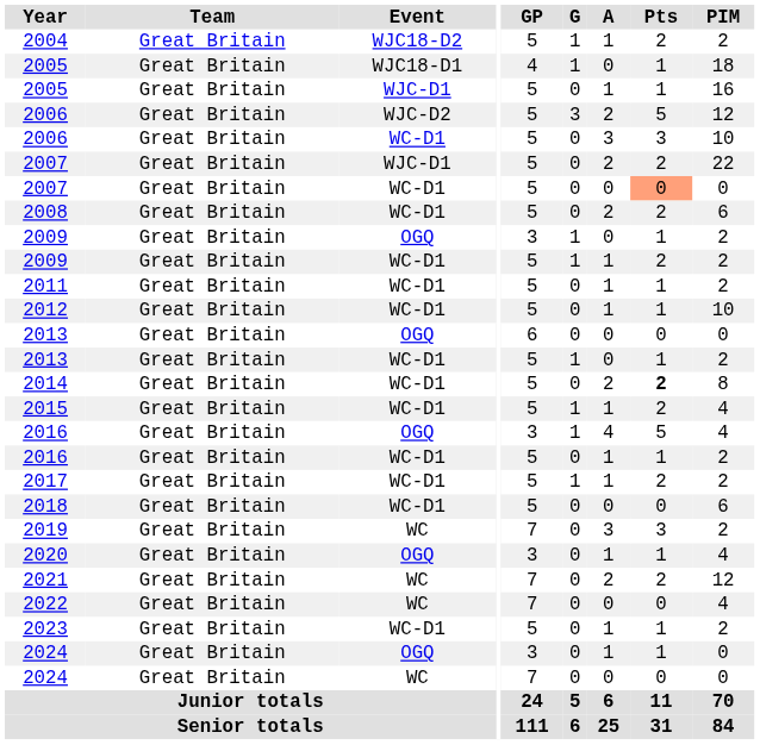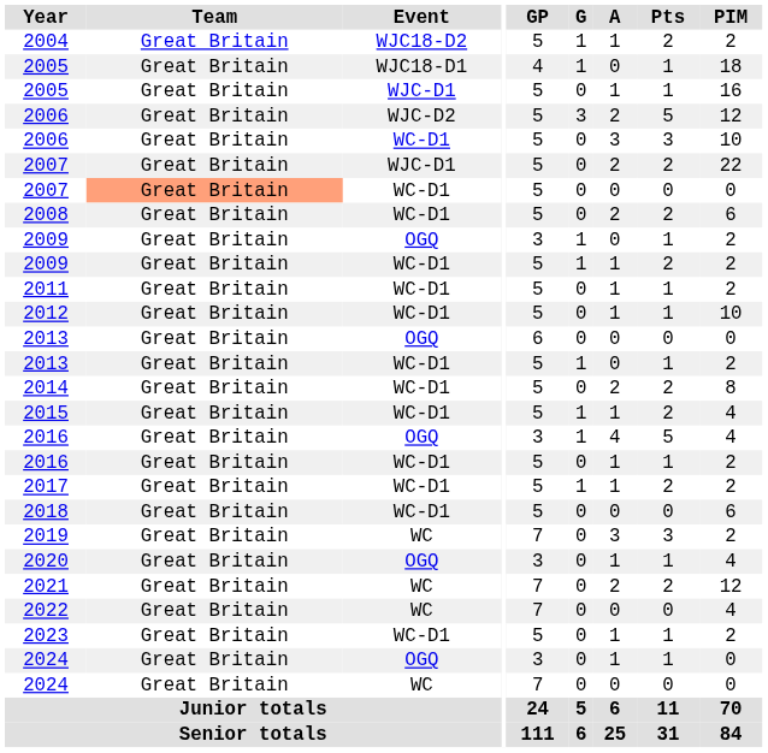 <table border="0" cellpadding="1" cellspacing="0" ID="Table3" style="text-align:center; width:40em">
 <tr ALIGN="center" style="background:#e0e0e0;">
 <th>Year</th>
 <th>Team</th>
 <th>Event</th>
 <th rowspan="99" style="background:#ffffff;"></th>
 <th>GP</th>
 <th>G</th>
 <th>A</th>
 <th>Pts</th>
 <th>PIM</th>
 </tr>
 <tr style="text-align:center;">
 <td><a href='#'>2004</a></td>
 <td><a href='#'>Great Britain</a></td>
 <td><a href='#'>WJC18-D2</a></td>
 <td>5</td>
 <td>1</td>
 <td>1</td>
 <td>2</td>
 <td>2</td>
 </tr>
 <tr style="text-align:center; background:#f0f0f0;">
 <td><a href='#'>2005</a></td>
 <td>Great Britain</td>
 <td>WJC18-D1</td>
 <td>4</td>
 <td>1</td>
 <td>0</td>
 <td>1</td>
 <td>18</td>
 </tr>
 <tr style="text-align:center;">
 <td><a href='#'>2005</a></td>
 <td>Great Britain</td>
 <td><a href='#'>WJC-D1</a></td>
 <td>5</td>
 <td>0</td>
 <td>1</td>
 <td>1</td>
 <td>16</td>
 </tr>
 <tr style="text-align:center; background:#f0f0f0;">
 <td><a href='#'>2006</a></td>
 <td>Great Britain</td>
 <td>WJC-D2</td>
 <td>5</td>
 <td>3</td>
 <td>2</td>
 <td>5</td>
 <td>12</td>
 </tr>
 <tr style="text-align:center;">
 <td><a href='#'>2006</a></td>
 <td>Great Britain</td>
 <td><a href='#'>WC-D1</a></td>
 <td>5</td>
 <td>0</td>
 <td>3</td>
 <td>3</td>
 <td>10</td>
 </tr>
 <tr style="text-align:center; background:#f0f0f0;">
 <td><a href='#'>2007</a></td>
 <td>Great Britain</td>
 <td>WJC-D1</td>
 <td>5</td>
 <td>0</td>
 <td>2</td>
 <td>2</td>
 <td>22</td>
 </tr>
 <tr style="text-align:center;">
 <td><a href='#'>2007</a></td>
-<td>Great Britain</td>
+<td style="background: lightsalmon;">Great Britain</td>
 <td>WC-D1</td>
 <td>5</td>
 <td>0</td>
 <td>0</td>
-<td style="background: lightsalmon;">0</td>
+<td>0</td>
 <td>0</td>
 </tr>
 <tr style="text-align:center; background:#f0f0f0;">
 <td><a href='#'>2008</a></td>
 <td>Great Britain</td>
 <td>WC-D1</td>
 <td>5</td>
 <td>0</td>
 <td>2</td>
 <td>2</td>
 <td>6</td>
 </tr>
 <tr style="text-align:center;">
 <td><a href='#'>2009</a></td>
 <td>Great Britain</td>
 <td><a href='#'>OGQ</a></td>
 <td>3</td>
 <td>1</td>
 <td>0</td>
 <td>1</td>
 <td>2</td>
 </tr>
 <tr style="text-align:center; background:#f0f0f0;">
 <td><a href='#'>2009</a></td>
 <td>Great Britain</td>
 <td>WC-D1</td>
 <td>5</td>
 <td>1</td>
 <td>1</td>
 <td>2</td>
 <td>2</td>
 </tr>
 <tr style="text-align:center;">
 <td ALIGN="center"><a href='#'>2011</a></td>
 <td ALIGN="center">Great Britain</td>
 <td ALIGN="center">WC-D1</td>
 <td ALIGN="center">5</td>
 <td ALIGN="center">0</td>
 <td ALIGN="center">1</td>
 <td ALIGN="center">1</td>
 <td ALIGN="center">2</td>
 </tr>
 <tr style="text-align:center; background:#f0f0f0;">
 <td ALIGN="center"><a href='#'>2012</a></td>
 <td ALIGN="center">Great Britain</td>
 <td ALIGN="center">WC-D1</td>
 <td ALIGN="center">5</td>
 <td ALIGN="center">0</td>
 <td ALIGN="center">1</td>
 <td ALIGN="center">1</td>
 <td ALIGN="center">10</td>
 </tr>
 <tr style="text-align:center;">
 <td><a href='#'>2013</a></td>
 <td>Great Britain</td>
 <td><a href='#'>OGQ</a></td>
 <td>6</td>
 <td>0</td>
 <td>0</td>
 <td>0</td>
 <td>0</td>
 </tr>
 <tr style="text-align:center; background:#f0f0f0;">
 <td ALIGN="center"><a href='#'>2013</a></td>
 <td ALIGN="center">Great Britain</td>
 <td ALIGN="center">WC-D1</td>
 <td ALIGN="center">5</td>
 <td ALIGN="center">1</td>
 <td ALIGN="center">0</td>
 <td ALIGN="center">1</td>
 <td ALIGN="center">2</td>
 </tr>
 <tr style="text-align:center;">
 <td ALIGN="center"><a href='#'>2014</a></td>
 <td ALIGN="center">Great Britain</td>
 <td ALIGN="center">WC-D1</td>
 <td ALIGN="center">5</td>
 <td ALIGN="center">0</td>
 <td ALIGN="center">2</td>
-<td ALIGN="center"><strong>2</strong></td>
+<td ALIGN="center">2</td>
 <td ALIGN="center">8</td>
 </tr>
 <tr style="text-align:center; background:#f0f0f0;">
 <td ALIGN="center"><a href='#'>2015</a></td>
 <td ALIGN="center">Great Britain</td>
 <td ALIGN="center">WC-D1</td>
 <td ALIGN="center">5</td>
 <td ALIGN="center">1</td>
 <td ALIGN="center">1</td>
 <td ALIGN="center">2</td>
 <td ALIGN="center">4</td>
 </tr>
 <tr style="text-align:center;">
 <td><a href='#'>2016</a></td>
 <td>Great Britain</td>
 <td><a href='#'>OGQ</a></td>
 <td>3</td>
 <td>1</td>
 <td>4</td>
 <td>5</td>
 <td>4</td>
 </tr>
 <tr style="text-align:center; background:#f0f0f0;">
 <td ALIGN="center"><a href='#'>2016</a></td>
 <td ALIGN="center">Great Britain</td>
 <td ALIGN="center">WC-D1</td>
 <td ALIGN="center">5</td>
 <td ALIGN="center">0</td>
 <td ALIGN="center">1</td>
 <td ALIGN="center">1</td>
 <td ALIGN="center">2</td>
 </tr>
 <tr style="text-align:center;">
 <td ALIGN="center"><a href='#'>2017</a></td>
 <td ALIGN="center">Great Britain</td>
 <td ALIGN="center">WC-D1</td>
 <td ALIGN="center">5</td>
 <td ALIGN="center">1</td>
 <td ALIGN="center">1</td>
 <td ALIGN="center">2</td>
 <td ALIGN="center">2</td>
 </tr>
 <tr style="text-align:center; background:#f0f0f0;">
 <td ALIGN="center"><a href='#'>2018</a></td>
 <td ALIGN="center">Great Britain</td>
 <td ALIGN="center">WC-D1</td>
 <td ALIGN="center">5</td>
 <td ALIGN="center">0</td>
 <td ALIGN="center">0</td>
 <td ALIGN="center">0</td>
 <td ALIGN="center">6</td>
 </tr>
 <tr style="text-align:center;">
 <td ALIGN="center"><a href='#'>2019</a></td>
 <td ALIGN="center">Great Britain</td>
 <td ALIGN="center">WC</td>
 <td ALIGN="center">7</td>
 <td ALIGN="center">0</td>
 <td ALIGN="center">3</td>
 <td ALIGN="center">3</td>
 <td ALIGN="center">2</td>
 </tr>
 <tr style="text-align:center; background:#f0f0f0;">
 <td ALIGN="center"><a href='#'>2020</a></td>
 <td ALIGN="center">Great Britain</td>
 <td ALIGN="center"><a href='#'>OGQ</a></td>
 <td ALIGN="center">3</td>
 <td ALIGN="center">0</td>
 <td ALIGN="center">1</td>
 <td ALIGN="center">1</td>
 <td ALIGN="center">4</td>
 </tr>
 <tr style="text-align:center;">
 <td ALIGN="center"><a href='#'>2021</a></td>
 <td ALIGN="center">Great Britain</td>
 <td ALIGN="center">WC</td>
 <td ALIGN="center">7</td>
 <td ALIGN="center">0</td>
 <td ALIGN="center">2</td>
 <td ALIGN="center">2</td>
 <td ALIGN="center">12</td>
 </tr>
 <tr style="text-align:center; background:#f0f0f0;">
 <td ALIGN="center"><a href='#'>2022</a></td>
 <td ALIGN="center">Great Britain</td>
 <td ALIGN="center">WC</td>
 <td ALIGN="center">7</td>
 <td ALIGN="center">0</td>
 <td ALIGN="center">0</td>
 <td ALIGN="center">0</td>
 <td ALIGN="center">4</td>
 </tr>
 <tr style="text-align:center;">
 <td ALIGN="center"><a href='#'>2023</a></td>
 <td ALIGN="center">Great Britain</td>
 <td ALIGN="center">WC-D1</td>
 <td ALIGN="center">5</td>
 <td ALIGN="center">0</td>
 <td ALIGN="center">1</td>
 <td ALIGN="center">1</td>
 <td ALIGN="center">2</td>
 </tr>
 <tr style="text-align:center; background:#f0f0f0;">
 <td ALIGN="center"><a href='#'>2024</a></td>
 <td ALIGN="center">Great Britain</td>
 <td ALIGN="center"><a href='#'>OGQ</a></td>
 <td ALIGN="center">3</td>
 <td ALIGN="center">0</td>
 <td ALIGN="center">1</td>
 <td ALIGN="center">1</td>
 <td ALIGN="center">0</td>
 </tr>
 <tr style="text-align:center;">
 <td ALIGN="center"><a href='#'>2024</a></td>
 <td ALIGN="center">Great Britain</td>
 <td ALIGN="center">WC</td>
 <td ALIGN="center">7</td>
 <td ALIGN="center">0</td>
 <td ALIGN="center">0</td>
 <td ALIGN="center">0</td>
 <td ALIGN="center">0</td>
 </tr>
 <tr style="text-align:center; background:#e0e0e0;">
 <th colspan="3">Junior totals</th>
 <th style="text-align:center;">24</th>
 <th style="text-align:center;">5</th>
 <th style="text-align:center;">6</th>
 <th style="text-align:center;">11</th>
 <th style="text-align:center;">70</th>
 </tr>
 <tr style="text-align:center; background:#e0e0e0;">
 <th colspan="3">Senior totals</th>
 <th style="text-align:center;">111</th>
 <th style="text-align:center;">6</th>
 <th style="text-align:center;">25</th>
 <th style="text-align:center;">31</th>
 <th style="text-align:center;">84</th>
 </tr>
 </table>
